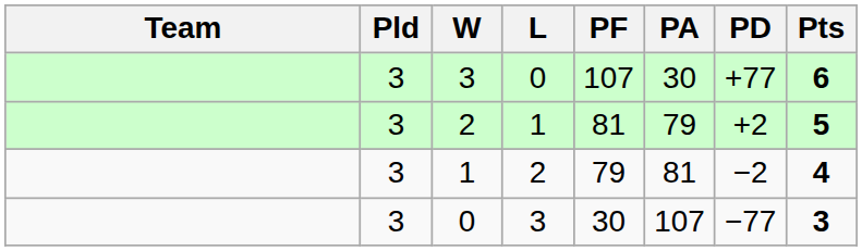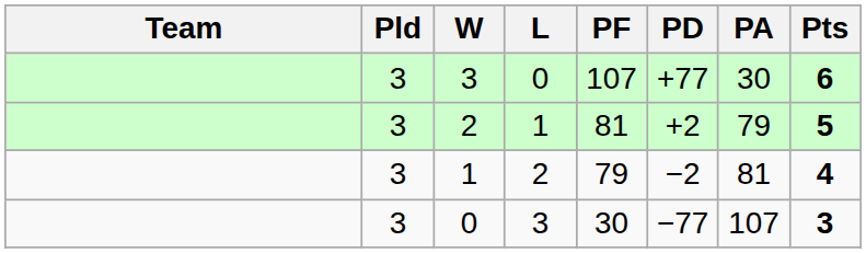 <table class=wikitable style="text-align:center">
 <tr>
 <th width=180>Team</th>
 <th width=30>Pld</th>
 <th width=30>W</th>
 <th width=30>L</th>
 <th width=30>PF</th>
+<th width=30>PD</th>
 <th width=30>PA</th>
-<th width=30>PD</th>
 <th width=30>Pts</th>
 </tr>
 <tr align=center bgcolor="#ccffcc">
 <td align=left></td>
 <td>3</td>
 <td>3</td>
 <td>0</td>
 <td>107</td>
+<td>+77</td>
 <td>30</td>
-<td>+77</td>
 <td><strong>6</strong></td>
 </tr>
 <tr align=center bgcolor="#ccffcc">
 <td align=left></td>
 <td>3</td>
 <td>2</td>
 <td>1</td>
 <td>81</td>
+<td>+2</td>
 <td>79</td>
-<td>+2</td>
 <td><strong>5</strong></td>
 </tr>
 <tr align=center>
 <td align=left></td>
 <td>3</td>
 <td>1</td>
 <td>2</td>
 <td>79</td>
+<td>−2</td>
 <td>81</td>
-<td>−2</td>
 <td><strong>4</strong></td>
 </tr>
 <tr align=center>
 <td align=left></td>
 <td>3</td>
 <td>0</td>
 <td>3</td>
 <td>30</td>
+<td>−77</td>
 <td>107</td>
-<td>−77</td>
 <td><strong>3</strong></td>
 </tr>
 </table>
